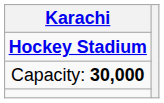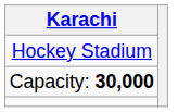 <table class="wikitable" style="text-align:center">
 <tr>
 <th><a href='#'>Karachi</a></th>
 <th rowspan="4"></th>
 </tr>
 <tr>
-<td><strong><a href='#'>Hockey Stadium</a></strong></td>
+<td><a href='#'>Hockey Stadium</a></td>
 </tr>
 <tr>
 <td>Capacity: <strong>30,000</strong></td>
 </tr>
 <tr>
 <td></td>
 </tr>
 </table>
